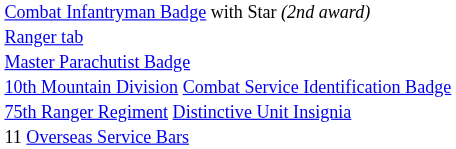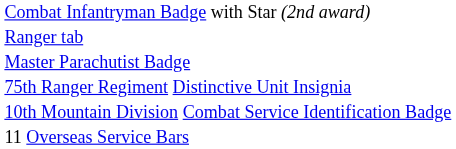 <table>
 <tr>
 <td> <a href='#'>Combat Infantryman Badge</a> with Star <em>(2nd award)</em></td>
 </tr>
 <tr>
 <td> <a href='#'>Ranger tab</a></td>
 </tr>
 <tr>
 <td> <a href='#'>Master Parachutist Badge</a></td>
 </tr>
 <tr>
-<td> <a href='#'>10th Mountain Division</a> <a href='#'>Combat Service Identification Badge</a></td>
+<td> <a href='#'>75th Ranger Regiment</a> <a href='#'>Distinctive Unit Insignia</a></td>
 </tr>
 <tr>
-<td> <a href='#'>75th Ranger Regiment</a> <a href='#'>Distinctive Unit Insignia</a></td>
+<td> <a href='#'>10th Mountain Division</a> <a href='#'>Combat Service Identification Badge</a></td>
 </tr>
 <tr>
 <td> 11 <a href='#'>Overseas Service Bars</a></td>
 </tr>
 </table>
